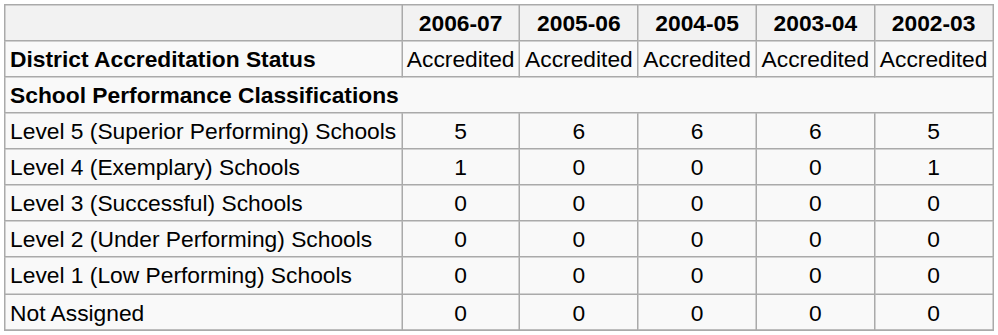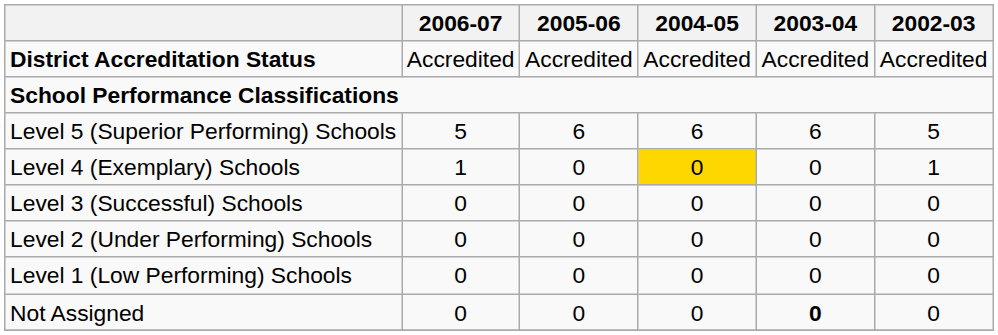 <table class="wikitable" style="font-size: 95%;">
 <tr>
 <th></th>
 <th>2006-07</th>
 <th>2005-06</th>
 <th>2004-05</th>
 <th>2003-04</th>
 <th>2002-03</th>
 </tr>
 <tr>
 <td align="left"><strong>District Accreditation Status</strong></td>
 <td align="center">Accredited</td>
 <td align="center">Accredited</td>
 <td align="center">Accredited</td>
 <td align="center">Accredited</td>
 <td align="center">Accredited</td>
 </tr>
 <tr>
 <td align="left" colspan="6"><strong>School Performance Classifications</strong></td>
 </tr>
 <tr>
 <td align="left">Level 5 (Superior Performing) Schools</td>
 <td align="center">5</td>
 <td align="center">6</td>
 <td align="center">6</td>
 <td align="center">6</td>
 <td align="center">5</td>
 </tr>
 <tr>
 <td align="left">Level 4 (Exemplary) Schools</td>
 <td align="center">1</td>
 <td align="center">0</td>
-<td align="center">0</td>
+<td align="center" style="background: gold;">0</td>
 <td align="center">0</td>
 <td align="center">1</td>
 </tr>
 <tr>
 <td align="left">Level 3 (Successful) Schools</td>
 <td align="center">0</td>
 <td align="center">0</td>
 <td align="center">0</td>
 <td align="center">0</td>
 <td align="center">0</td>
 </tr>
 <tr>
 <td align="left">Level 2 (Under Performing) Schools</td>
 <td align="center">0</td>
 <td align="center">0</td>
 <td align="center">0</td>
 <td align="center">0</td>
 <td align="center">0</td>
 </tr>
 <tr>
 <td align="left">Level 1 (Low Performing) Schools</td>
 <td align="center">0</td>
 <td align="center">0</td>
 <td align="center">0</td>
 <td align="center">0</td>
 <td align="center">0</td>
 </tr>
 <tr>
 <td align="left">Not Assigned</td>
 <td align="center">0</td>
 <td align="center">0</td>
 <td align="center">0</td>
-<td align="center">0</td>
+<td align="center"><strong>0</strong></td>
 <td align="center">0</td>
 </tr>
 <tr>
 </tr>
 </table>
